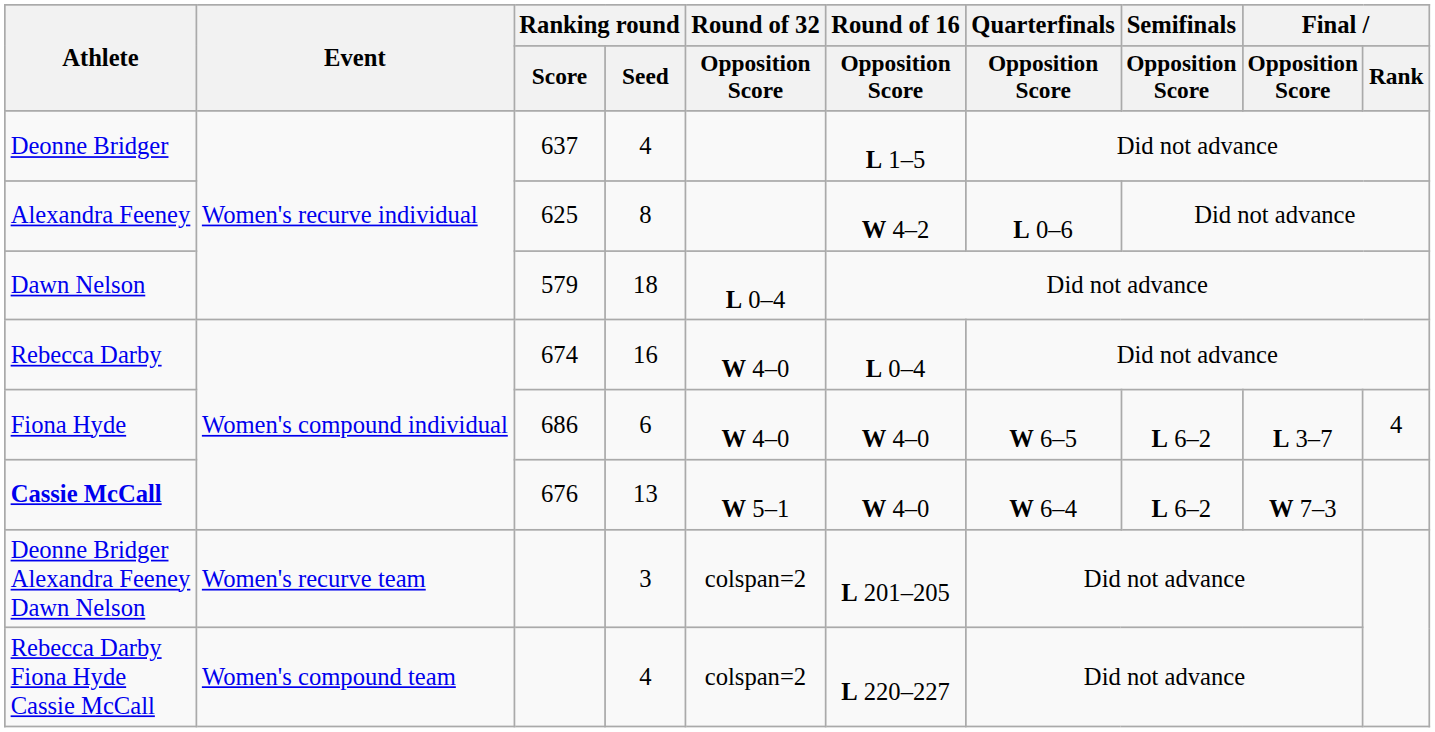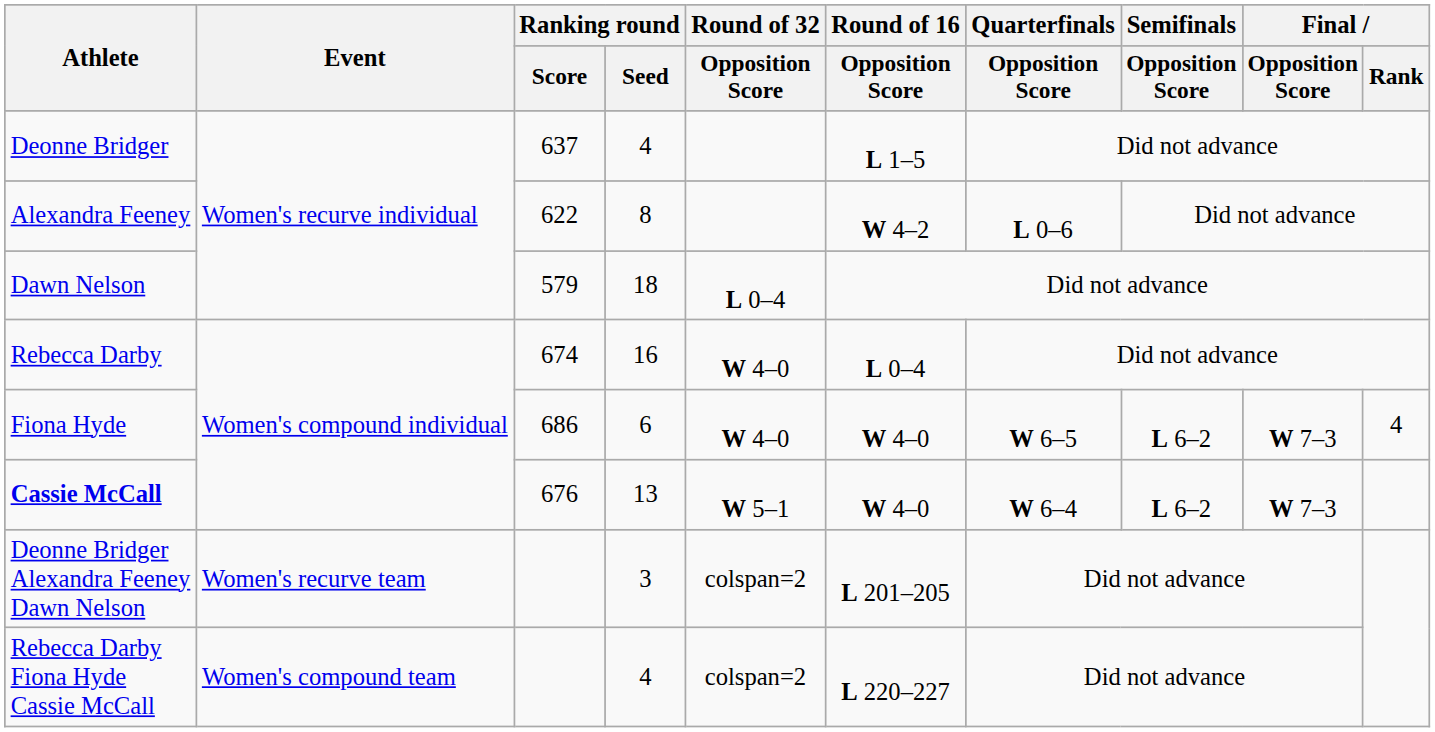 <table class="wikitable" style="font-size:90%">
 <tr>
 <th rowspan="2">Athlete</th>
 <th rowspan="2">Event</th>
 <th colspan="2">Ranking round</th>
 <th>Round of 32</th>
 <th>Round of 16</th>
 <th>Quarterfinals</th>
 <th>Semifinals</th>
 <th colspan="2">Final / </th>
 </tr>
 <tr style="font-size:95%">
 <th>Score</th>
 <th>Seed</th>
 <th>Opposition<br>Score</th>
 <th>Opposition<br>Score</th>
 <th>Opposition<br>Score</th>
 <th>Opposition<br>Score</th>
 <th>Opposition<br>Score</th>
 <th>Rank</th>
 </tr>
 <tr align=center>
 <td align=left><a href='#'>Deonne Bridger</a></td>
 <td align=left rowspan=3><a href='#'>Women's recurve individual</a></td>
 <td>637</td>
 <td>4</td>
 <td></td>
 <td><br><strong>L</strong> 1–5</td>
 <td colspan=4>Did not advance</td>
 </tr>
 <tr align=center>
 <td align=left><a href='#'>Alexandra Feeney</a></td>
-<td>625</td>
+<td>622</td>
 <td>8</td>
 <td></td>
 <td><br><strong>W</strong> 4–2</td>
 <td><br><strong>L</strong> 0–6</td>
 <td colspan=3>Did not advance</td>
 </tr>
 <tr align=center>
 <td align=left><a href='#'>Dawn Nelson</a></td>
 <td>579</td>
 <td>18</td>
 <td><br><strong>L</strong> 0–4</td>
 <td colspan=5>Did not advance</td>
 </tr>
 <tr align=center>
 <td align=left><a href='#'>Rebecca Darby</a></td>
 <td align=left rowspan=3><a href='#'>Women's compound individual</a></td>
 <td>674</td>
 <td>16</td>
 <td><br><strong>W</strong> 4–0</td>
 <td><br><strong>L</strong> 0–4</td>
 <td colspan=4>Did not advance</td>
 </tr>
 <tr align=center>
 <td align=left><a href='#'>Fiona Hyde</a></td>
 <td>686</td>
 <td>6</td>
 <td><br><strong>W</strong> 4–0</td>
 <td><br><strong>W</strong> 4–0</td>
 <td><br><strong>W</strong> 6–5</td>
 <td><br><strong>L</strong> 6–2</td>
-<td><br><strong>L</strong> 3–7</td>
+<td><br><strong>W</strong> 7–3</td>
 <td>4</td>
 </tr>
 <tr align=center>
 <td align=left><strong><a href='#'>Cassie McCall</a></strong></td>
 <td>676</td>
 <td>13</td>
 <td><br><strong>W</strong> 5–1</td>
 <td><br><strong>W</strong> 4–0</td>
 <td><br><strong>W</strong> 6–4</td>
 <td><br><strong>L</strong> 6–2</td>
 <td><br><strong>W</strong> 7–3</td>
 <td></td>
 </tr>
 <tr align=center>
 <td align=left><a href='#'>Deonne Bridger</a><br><a href='#'>Alexandra Feeney</a><br><a href='#'>Dawn Nelson</a></td>
 <td align=left><a href='#'>Women's recurve team</a></td>
 <td></td>
 <td>3</td>
 <td>colspan=2 </td>
 <td><br><strong>L</strong> 201–205</td>
 <td colspan=3>Did not advance</td>
 </tr>
 <tr align=center>
 <td align=left><a href='#'>Rebecca Darby</a><br><a href='#'>Fiona Hyde</a><br><a href='#'>Cassie McCall</a></td>
 <td align=left><a href='#'>Women's compound team</a></td>
 <td></td>
 <td>4</td>
 <td>colspan=2 </td>
 <td><br><strong>L</strong> 220–227</td>
 <td colspan=3>Did not advance</td>
 </tr>
 </table>
